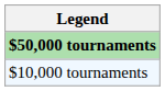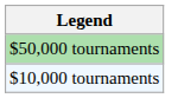 <table class="wikitable" style="font-size:85%">
 <tr>
 <th>Legend</th>
 </tr>
 <tr style="background:#addfad;">
-<td><strong>$50,000 tournaments</strong></td>
+<td>$50,000 tournaments</td>
 </tr>
 <tr style="background:#f0f8ff;">
 <td>$10,000 tournaments</td>
 </tr>
 </table>
